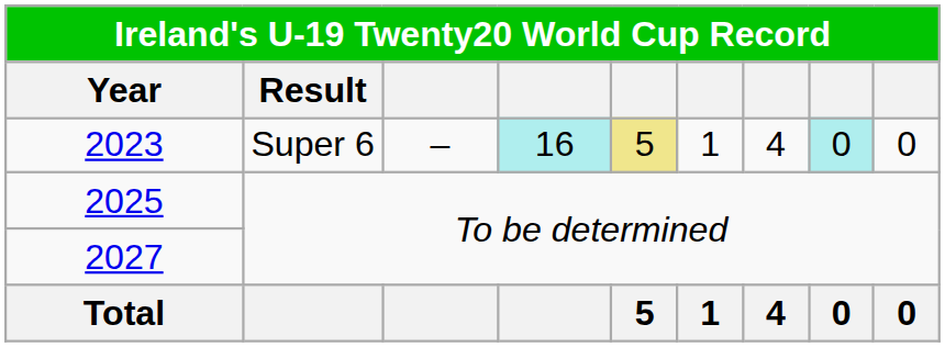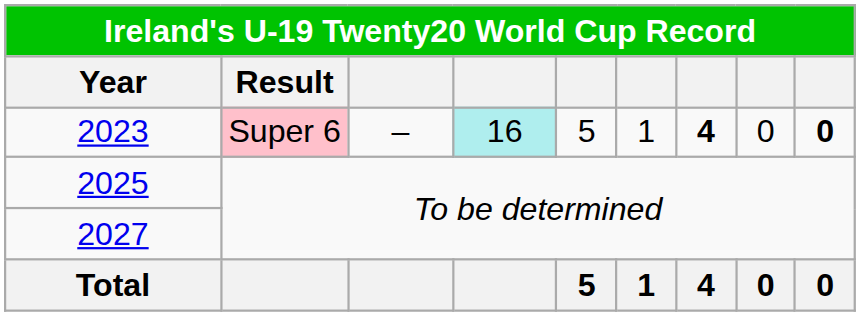 <table class="wikitable" style="font-size:90%; text-align:center">
 <tr>
 <th style="color:white; background:#00C301;" colspan=9>Ireland's U-19 Twenty20 World Cup Record</th>
 </tr>
 <tr>
 <th width="90">Year</th>
 <th>Result</th>
 <th width="40"></th>
 <th width="40"></th>
 <th width="20"></th>
 <th width="20"></th>
 <th width="20"></th>
 <th width="20"></th>
 <th width="20"></th>
 </tr>
 <tr>
 <td> <a href='#'>2023</a></td>
-<td>Super 6</td>
+<td style="background: pink;">Super 6</td>
 <td>–</td>
 <td style="background: paleturquoise;">16</td>
-<td style="background: khaki;">5</td>
+<td>5</td>
 <td>1</td>
-<td>4</td>
-<td style="background: paleturquoise;">0</td>
+<td><strong>4</strong></td>
 <td>0</td>
+<td><strong>0</strong></td>
 </tr>
 <tr>
 <td>  <a href='#'>2025</a></td>
 <td colspan="8" rowspan="2"><em>To be determined</em></td>
 </tr>
 <tr>
 <td>  <a href='#'>2027</a></td>
 </tr>
 <tr>
 <th>Total</th>
 <th></th>
 <th></th>
 <th></th>
 <th>5</th>
 <th>1</th>
 <th>4</th>
 <th>0</th>
 <th>0</th>
 </tr>
 </table>
